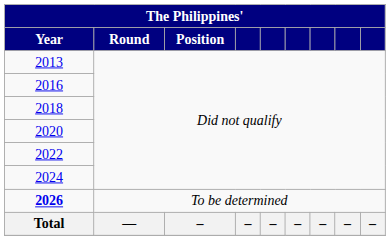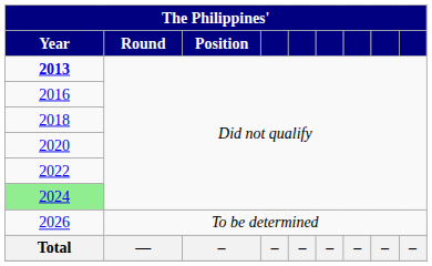 <table class="wikitable" style="text-align: center; font-size:95%;">
 <tr>
 <th colspan="10" style="background:#000080; color: #FFFFFF;">The Philippines' <a href='#'></a></th>
 </tr>
 <tr>
 <th style="background:#000080;color:white;"width=90>Year</th>
 <th style="background:#000080;color:white;"width="70">Round</th>
 <th style="background:#000080;color:white;"width="70">Position</th>
 <th style="background:#000080;color:white;"width="20"></th>
 <th style="background:#000080;color:white;"width="20"></th>
 <th style="background:#000080;color:white;"width="20"></th>
 <th style="background:#000080;color:white;"width="20"></th>
 <th style="background:#000080;color:white;"width="20"></th>
 <th style="background:#000080;color:white;"width="20"></th>
 </tr>
 <tr>
-<td> <a href='#'>2013</a></td>
+<td><strong> <a href='#'>2013</a></strong></td>
 <td colspan="8" rowspan="6"><em>Did not qualify</em></td>
 </tr>
 <tr>
 <td> <a href='#'>2016</a></td>
 </tr>
 <tr>
 <td> <a href='#'>2018</a></td>
 </tr>
 <tr>
 <td> <a href='#'>2020</a></td>
 </tr>
 <tr>
 <td> <a href='#'>2022</a></td>
 </tr>
 <tr>
-<td> <a href='#'>2024</a></td>
+<td style="background: lightgreen;"> <a href='#'>2024</a></td>
 </tr>
 <tr>
-<td><strong> <a href='#'>2026</a></strong></td>
+<td> <a href='#'>2026</a></td>
 <td colspan="8"><em>To be determined</em></td>
 </tr>
 <tr>
 <th>Total</th>
 <th>—</th>
 <th>–</th>
 <th>–</th>
 <th>–</th>
 <th>–</th>
 <th>–</th>
 <th>–</th>
 <th>–</th>
 </tr>
 <tr>
 </tr>
 </table>
